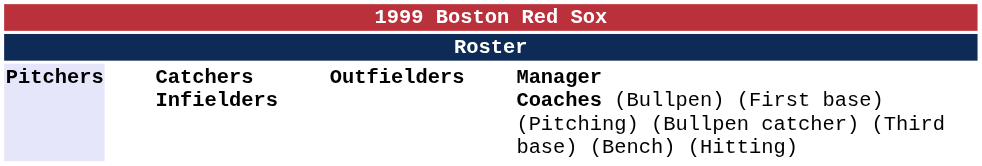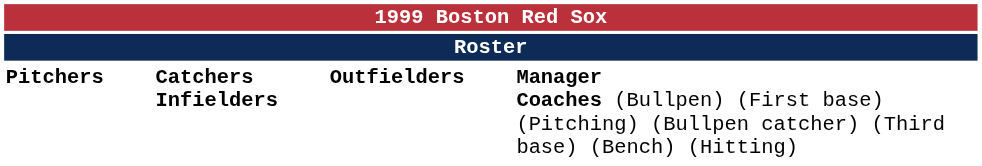 <table class="toccolours" style="text-align: left;">
 <tr>
 <th colspan="10" style="background-color: #ba313c; color: #FFFFFF; text-align: center;">1999 Boston Red Sox</th>
 </tr>
 <tr>
 <td colspan="10" style="background-color:#0d2b56; color: white; text-align: center;"><strong>Roster</strong></td>
 </tr>
 <tr>
-<td valign="top" style="background: lavender;"><strong>Pitchers</strong><br>                        </td>
+<td valign="top"><strong>Pitchers</strong><br>                        </td>
 <td width="25px"></td>
 <td valign="top"><strong>Catchers</strong><br>     <strong>Infielders</strong>           </td>
 <td width="25px"></td>
 <td valign="top"><strong>Outfielders</strong><br>      </td>
 <td width="25px"></td>
 <td valign="top"><strong>Manager</strong><br>  <strong>Coaches</strong>  (Bullpen)  (First base)   (Pitching)  (Bullpen catcher)  (Third base)   (Bench)  (Hitting)</td>
 </tr>
 <tr>
 </tr>
 </table>
